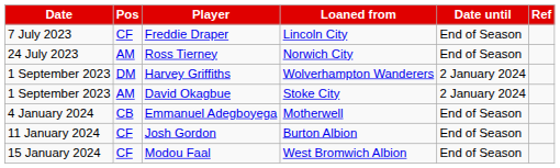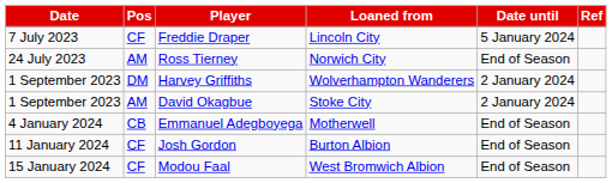 <table class="wikitable plainrowheaders sortable">
 <tr>
 <th style="background:#E00000;color:white;">Date</th>
 <th style="background:#E00000;color:white;">Pos</th>
 <th style="background:#E00000;color:white;">Player</th>
 <th style="background:#E00000;color:white;">Loaned from</th>
 <th style="background:#E00000;color:white;">Date until</th>
 <th style="background:#E00000;color:white;">Ref</th>
 </tr>
 <tr>
 <td>7 July 2023</td>
 <td><a href='#'>CF</a></td>
 <td> <a href='#'>Freddie Draper</a></td>
 <td> <a href='#'>Lincoln City</a></td>
-<td>End of Season</td>
+<td>5 January 2024</td>
 <td></td>
 </tr>
 <tr>
 <td>24 July 2023</td>
 <td><a href='#'>AM</a></td>
 <td> <a href='#'>Ross Tierney</a></td>
 <td> <a href='#'>Norwich City</a></td>
 <td>End of Season</td>
 <td></td>
 </tr>
 <tr>
 <td>1 September 2023</td>
 <td><a href='#'>DM</a></td>
 <td> <a href='#'>Harvey Griffiths</a></td>
 <td> <a href='#'>Wolverhampton Wanderers</a></td>
 <td>2 January 2024</td>
 <td></td>
 </tr>
 <tr>
 <td>1 September 2023</td>
 <td><a href='#'>AM</a></td>
 <td> <a href='#'>David Okagbue</a></td>
 <td> <a href='#'>Stoke City</a></td>
 <td>2 January 2024</td>
 <td></td>
 </tr>
 <tr>
 <td>4 January 2024</td>
 <td><a href='#'>CB</a></td>
 <td> <a href='#'>Emmanuel Adegboyega</a></td>
 <td> <a href='#'>Motherwell</a></td>
 <td>End of Season</td>
 <td></td>
 </tr>
 <tr>
 <td>11 January 2024</td>
 <td><a href='#'>CF</a></td>
 <td> <a href='#'>Josh Gordon</a></td>
 <td> <a href='#'>Burton Albion</a></td>
 <td>End of Season</td>
 <td></td>
 </tr>
 <tr>
 <td>15 January 2024</td>
 <td><a href='#'>CF</a></td>
 <td> <a href='#'>Modou Faal</a></td>
 <td> <a href='#'>West Bromwich Albion</a></td>
 <td>End of Season</td>
 <td></td>
 </tr>
 </table>
